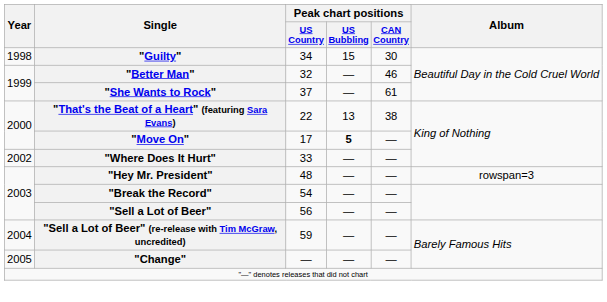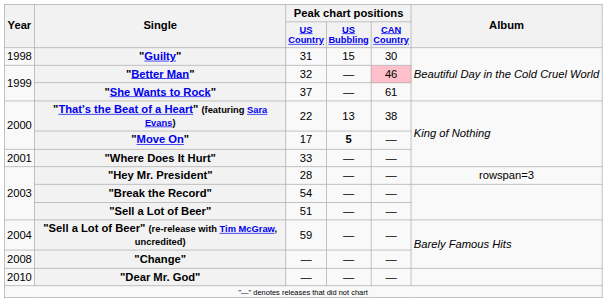 <table class="wikitable plainrowheaders" style="text-align:center;">
 <tr>
 <th rowspan="2">Year</th>
 <th rowspan="2" style="width:22em;">Single</th>
 <th colspan="3">Peak chart positions</th>
 <th rowspan="2">Album</th>
 </tr>
 <tr style="font-size:smaller;">
 <th width="45"><a href='#'>US Country</a><br></th>
 <th width="45"><a href='#'>US Bubbling</a><br></th>
 <th width="45"><a href='#'>CAN Country</a></th>
 </tr>
 <tr>
 <td>1998</td>
 <th scope="row">"<a href='#'>Guilty</a>"</th>
-<td>34</td>
+<td>31</td>
 <td>15</td>
 <td>30</td>
 <td align="left" rowspan="3"><em>Beautiful Day in the Cold Cruel World</em></td>
 </tr>
 <tr>
 <td rowspan="2">1999</td>
 <th scope="row">"<a href='#'>Better Man</a>"</th>
 <td>32</td>
 <td>—</td>
-<td>46</td>
+<td style="background: pink;">46</td>
 </tr>
 <tr>
 <th scope="row">"<a href='#'>She Wants to Rock</a>"</th>
 <td>37</td>
 <td>—</td>
 <td>61</td>
 </tr>
 <tr>
 <td rowspan="2">2000</td>
 <th scope="row">"<a href='#'>That's the Beat of a Heart</a>" <small>(featuring <a href='#'>Sara Evans</a>)</small></th>
 <td>22</td>
 <td>13</td>
 <td>38</td>
 <td align="left" rowspan="3"><em>King of Nothing</em></td>
 </tr>
 <tr>
 <th scope="row">"<a href='#'>Move On</a>"</th>
 <td>17</td>
 <td><strong>5</strong></td>
 <td>—</td>
 </tr>
 <tr>
-<td>2002</td>
+<td>2001</td>
 <th scope="row">"Where Does It Hurt"</th>
 <td>33</td>
 <td>—</td>
 <td>—</td>
 </tr>
 <tr>
 <td rowspan="3">2003</td>
 <th scope="row">"Hey Mr. President"</th>
-<td>48</td>
+<td>28</td>
 <td>—</td>
 <td>—</td>
 <td>rowspan=3 </td>
 </tr>
 <tr>
 <th scope="row">"Break the Record"</th>
 <td>54</td>
 <td>—</td>
 <td>—</td>
 </tr>
 <tr>
 <th scope="row">"Sell a Lot of Beer"</th>
-<td>56</td>
+<td>51</td>
 <td>—</td>
 <td>—</td>
 </tr>
 <tr>
 <td>2004</td>
 <th scope="row">"Sell a Lot of Beer" <small>(re-release with <a href='#'>Tim McGraw</a>, uncredited)</small></th>
 <td>59</td>
 <td>—</td>
 <td>—</td>
 <td align="left" rowspan=2><em>Barely Famous Hits</em></td>
 </tr>
 <tr>
-<td>2005</td>
+<td>2008</td>
 <th scope="row">"Change"</th>
 <td>—</td>
 <td>—</td>
 <td>—</td>
 </tr>
 <tr>
+<td>2010</td>
+<th scope="row">"Dear Mr. God"</th>
+<td>—</td>
+<td>—</td>
+<td>—</td>
+<td></td>
+</tr>
+<tr>
 <td colspan="6" style="font-size:8pt">"—" denotes releases that did not chart</td>
 </tr>
 </table>
